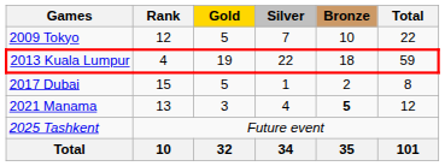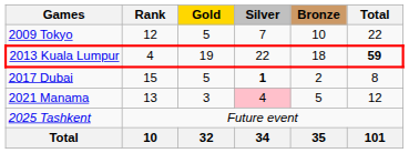 <table class="wikitable sortable" style="margin-top:0em; text-align:center; font-size:100%;">
 <tr>
 <th>Games</th>
 <th style="width:4em;">Rank</th>
 <th style="background:gold; width:4em;"><strong>Gold</strong></th>
 <th style="background:silver; width:4em;"><strong>Silver</strong></th>
 <th style="background:#cc9966; width:4em;"><strong>Bronze</strong></th>
 <th style="width:4em;">Total</th>
 </tr>
 <tr>
 <td align=left> <a href='#'>2009 Tokyo</a></td>
 <td>12</td>
 <td>5</td>
 <td>7</td>
 <td>10</td>
 <td>22</td>
 </tr>
 <tr style="border: 3px solid red">
 <td align=left> <a href='#'>2013 Kuala Lumpur</a></td>
 <td>4</td>
 <td>19</td>
 <td>22</td>
 <td>18</td>
-<td>59</td>
+<td><strong>59</strong></td>
 </tr>
 <tr>
 <td align=left> <a href='#'>2017 Dubai</a></td>
 <td>15</td>
 <td>5</td>
-<td>1</td>
+<td><strong>1</strong></td>
 <td>2</td>
 <td>8</td>
 </tr>
 <tr>
 <td align=left> <a href='#'>2021 Manama</a></td>
 <td>13</td>
 <td>3</td>
-<td>4</td>
-<td><strong>5</strong></td>
+<td style="background: pink;">4</td>
+<td>5</td>
 <td>12</td>
 </tr>
 <tr>
 <td align=left><em> <a href='#'>2025 Tashkent</a></em></td>
 <td colspan=5><em>Future event</em></td>
 </tr>
 <tr>
 <th>Total</th>
 <th>10</th>
 <th>32</th>
 <th>34</th>
 <th>35</th>
 <th>101</th>
 </tr>
 </table>
